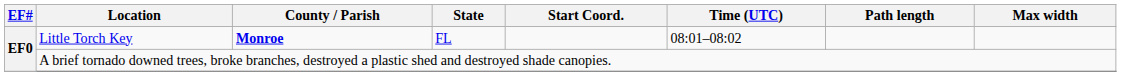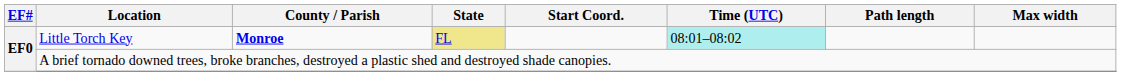 <table class="wikitable sortable" style="width:100%;">
 <tr>
 <th scope="col" width="2%" align="center"><a href='#'>EF#</a></th>
 <th scope="col" align="center" class="unsortable">Location</th>
 <th scope="col" align="center" class="unsortable">County / Parish</th>
 <th scope="col" align="center">State</th>
 <th scope="col" align="center">Start Coord.</th>
 <th scope="col" align="center">Time (<a href='#'>UTC</a>)</th>
 <th scope="col" align="center">Path length</th>
 <th scope="col" align="center">Max width</th>
 </tr>
 <tr>
 <th scope="row" rowspan="2" style="background-color:#">EF0</th>
 <td><a href='#'>Little Torch Key</a></td>
 <td><strong><a href='#'>Monroe</a></strong></td>
-<td><a href='#'>FL</a></td>
+<td style="background: khaki;"><a href='#'>FL</a></td>
 <td></td>
-<td>08:01–08:02</td>
+<td style="background: paleturquoise;">08:01–08:02</td>
 <td></td>
 <td></td>
 </tr>
 <tr class="expand-child">
 <td colspan="8" style=" border-bottom: 1px solid black;">A brief tornado downed trees, broke branches, destroyed a plastic shed and destroyed shade canopies.</td>
 </tr>
 <tr>
 </tr>
 </table>
